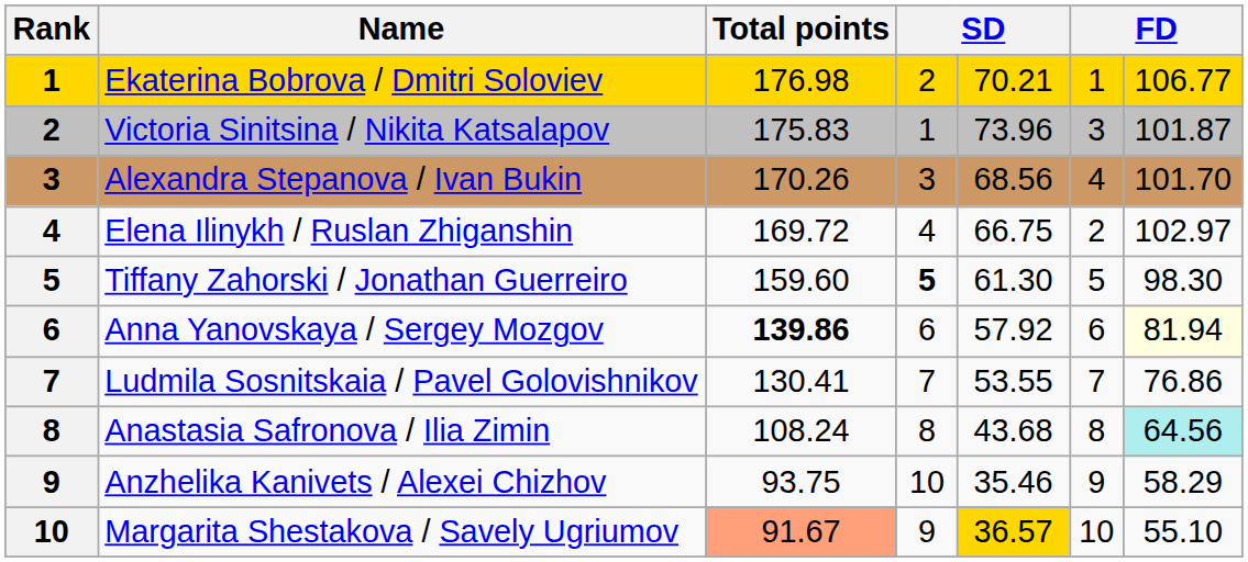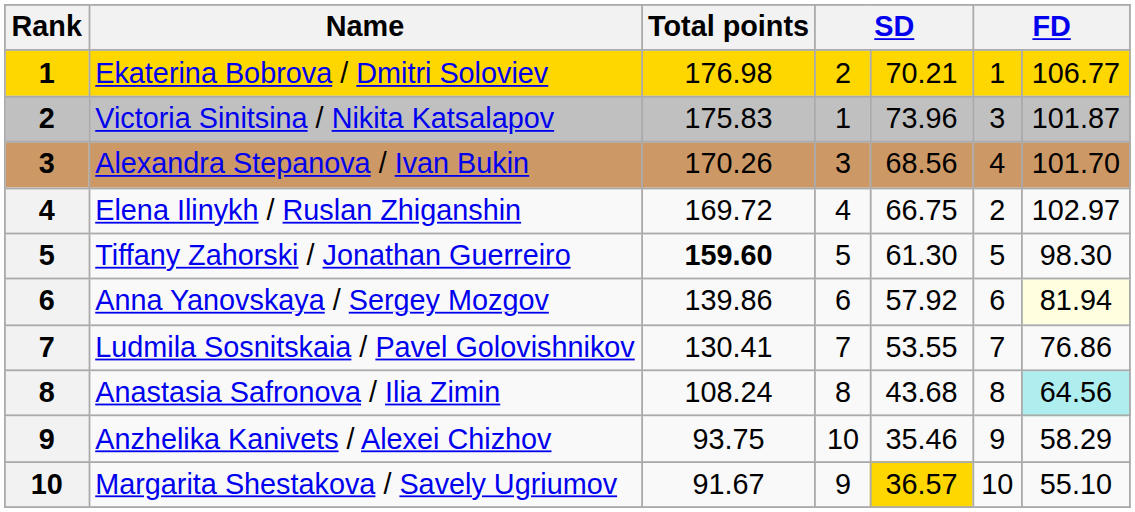 <table class="wikitable sortable">
 <tr>
 <th>Rank</th>
 <th>Name</th>
 <th>Total points</th>
 <th colspan="2" width="80px"><a href='#'>SD</a></th>
 <th colspan="2" width="80px"><a href='#'>FD</a></th>
 </tr>
 <tr bgcolor="gold">
 <td align="center"><strong>1</strong></td>
 <td><a href='#'>Ekaterina Bobrova</a> / <a href='#'>Dmitri Soloviev</a></td>
 <td align="center">176.98</td>
 <td align="center">2</td>
 <td align="center">70.21</td>
 <td align="center">1</td>
 <td align="center">106.77</td>
 </tr>
 <tr bgcolor="silver">
 <td align="center"><strong>2</strong></td>
 <td><a href='#'>Victoria Sinitsina</a> / <a href='#'>Nikita Katsalapov</a></td>
 <td align="center">175.83</td>
 <td align="center">1</td>
 <td align="center">73.96</td>
 <td align="center">3</td>
 <td align="center">101.87</td>
 </tr>
 <tr bgcolor="cc9966">
 <td align="center"><strong>3</strong></td>
 <td><a href='#'>Alexandra Stepanova</a> / <a href='#'>Ivan Bukin</a></td>
 <td align="center">170.26</td>
 <td align="center">3</td>
 <td align="center">68.56</td>
 <td align="center">4</td>
 <td align="center">101.70</td>
 </tr>
 <tr>
 <th>4</th>
 <td><a href='#'>Elena Ilinykh</a> / <a href='#'>Ruslan Zhiganshin</a></td>
 <td align="center">169.72</td>
 <td align="center">4</td>
 <td align="center">66.75</td>
 <td align="center">2</td>
 <td align="center">102.97</td>
 </tr>
 <tr>
 <th>5</th>
 <td><a href='#'>Tiffany Zahorski</a> / <a href='#'>Jonathan Guerreiro</a></td>
-<td align="center">159.60</td>
-<td align="center"><strong>5</strong></td>
+<td align="center"><strong>159.60</strong></td>
+<td align="center">5</td>
 <td align="center">61.30</td>
 <td align="center">5</td>
 <td align="center">98.30</td>
 </tr>
 <tr>
 <th>6</th>
 <td><a href='#'>Anna Yanovskaya</a> / <a href='#'>Sergey Mozgov</a></td>
-<td align="center"><strong>139.86</strong></td>
+<td align="center">139.86</td>
 <td align="center">6</td>
 <td align="center">57.92</td>
 <td align="center">6</td>
 <td align="center" style="background: lightyellow;">81.94</td>
 </tr>
 <tr>
 <th>7</th>
 <td><a href='#'>Ludmila Sosnitskaia</a> / <a href='#'>Pavel Golovishnikov</a></td>
 <td align="center">130.41</td>
 <td align="center">7</td>
 <td align="center">53.55</td>
 <td align="center">7</td>
 <td align="center">76.86</td>
 </tr>
 <tr>
 <th>8</th>
 <td><a href='#'>Anastasia Safronova</a> / <a href='#'>Ilia Zimin</a></td>
 <td align="center">108.24</td>
 <td align="center">8</td>
 <td align="center">43.68</td>
 <td align="center">8</td>
 <td align="center" style="background: paleturquoise;">64.56</td>
 </tr>
 <tr>
 <th>9</th>
 <td><a href='#'>Anzhelika Kanivets</a> / <a href='#'>Alexei Chizhov</a></td>
 <td align="center">93.75</td>
 <td align="center">10</td>
 <td align="center">35.46</td>
 <td align="center">9</td>
 <td align="center">58.29</td>
 </tr>
 <tr>
 <th>10</th>
 <td><a href='#'>Margarita Shestakova</a> / <a href='#'>Savely Ugriumov</a></td>
-<td align="center" style="background: lightsalmon;">91.67</td>
+<td align="center">91.67</td>
 <td align="center">9</td>
 <td align="center" style="background: gold;">36.57</td>
 <td align="center">10</td>
 <td align="center">55.10</td>
 </tr>
 </table>
